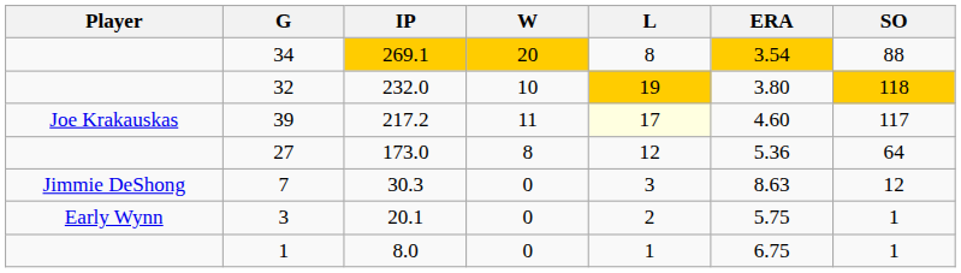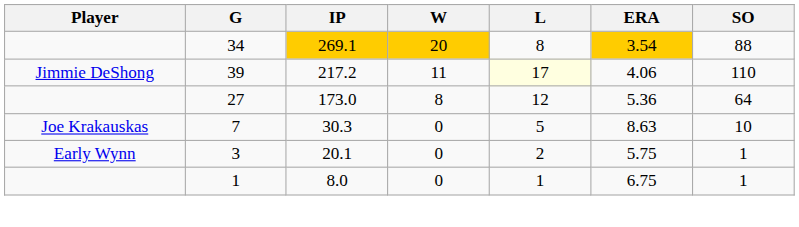 <table class="wikitable sortable">
 <tr>
 <th bgcolor="#DDDDFF" width="16%">Player</th>
 <th bgcolor="#DDDDFF" width="9%">G</th>
 <th bgcolor="#DDDDFF" width="9%">IP</th>
 <th bgcolor="#DDDDFF" width="9%">W</th>
 <th bgcolor="#DDDDFF" width="9%">L</th>
 <th bgcolor="#DDDDFF" width="9%">ERA</th>
 <th bgcolor="#DDDDFF" width="9%">SO</th>
 </tr>
 <tr align="center">
 <td></td>
 <td>34</td>
 <td style="background:#fc0;">269.1</td>
 <td style="background:#fc0;">20</td>
 <td>8</td>
 <td style="background:#fc0;">3.54</td>
 <td>88</td>
 </tr>
 <tr align="center">
-<td></td>
-<td>32</td>
-<td>232.0</td>
-<td>10</td>
-<td style="background:#fc0;">19</td>
-<td>3.80</td>
-<td style="background:#fc0;">118</td>
-</tr>
-<tr align="center">
-<td><a href='#'>Joe Krakauskas</a></td>
+<td><a href='#'>Jimmie DeShong</a></td>
 <td>39</td>
 <td>217.2</td>
 <td>11</td>
 <td style="background: lightyellow;">17</td>
-<td>4.60</td>
-<td>117</td>
+<td>4.06</td>
+<td>110</td>
 </tr>
 <tr align="center">
 <td></td>
 <td>27</td>
 <td>173.0</td>
 <td>8</td>
 <td>12</td>
 <td>5.36</td>
 <td>64</td>
 </tr>
 <tr align="center">
-<td><a href='#'>Jimmie DeShong</a></td>
+<td><a href='#'>Joe Krakauskas</a></td>
 <td>7</td>
 <td>30.3</td>
 <td>0</td>
-<td>3</td>
+<td>5</td>
 <td>8.63</td>
-<td>12</td>
+<td>10</td>
 </tr>
 <tr align="center">
 <td><a href='#'>Early Wynn</a></td>
 <td>3</td>
 <td>20.1</td>
 <td>0</td>
 <td>2</td>
 <td>5.75</td>
 <td>1</td>
 </tr>
 <tr align="center">
 <td></td>
 <td>1</td>
 <td>8.0</td>
 <td>0</td>
 <td>1</td>
 <td>6.75</td>
 <td>1</td>
 </tr>
 </table>
